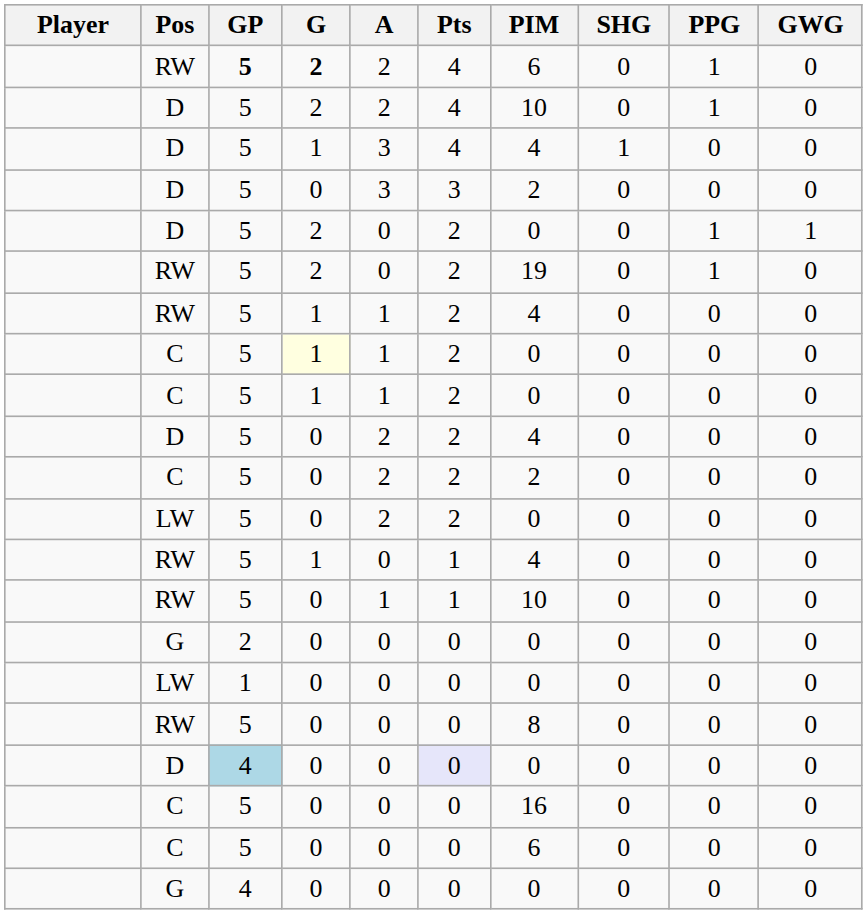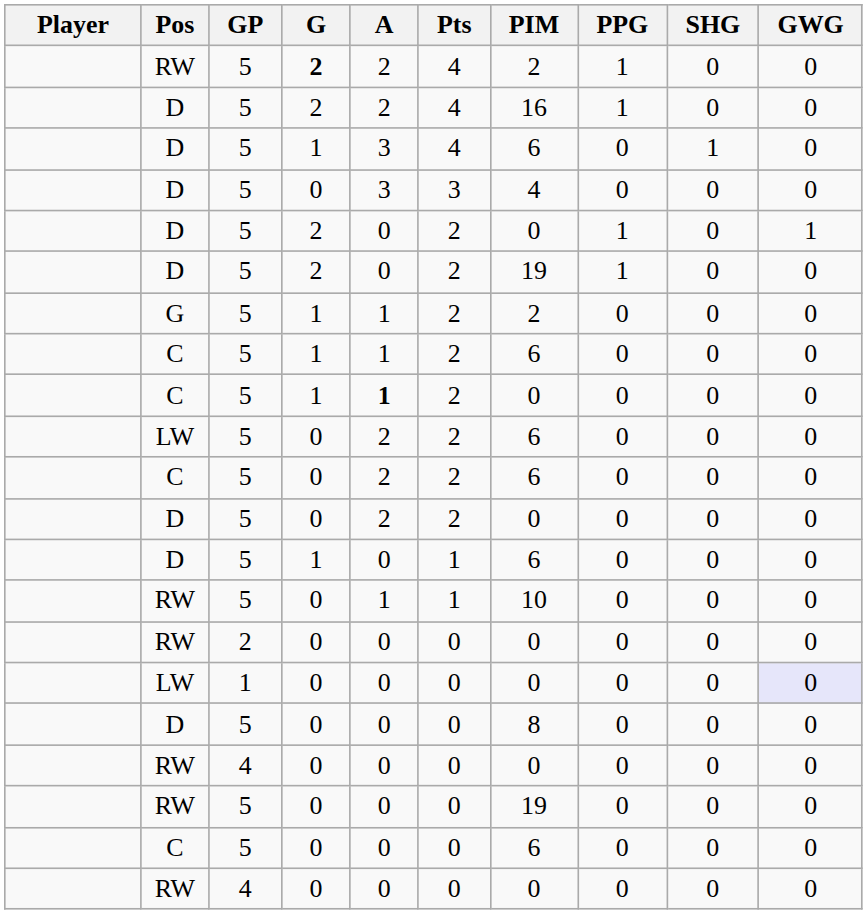 <table class="wikitable sortable" width="60%">
 <tr ALIGN="center">
 <th bgcolor="#DDDDFF" width="10%">Player</th>
 <th bgcolor="#DDDDFF" width="3%" title="Position">Pos</th>
 <th bgcolor="#DDDDFF" width="5%" title="Games played">GP</th>
 <th bgcolor="#DDDDFF" width="5%" title="Goals">G</th>
 <th bgcolor="#DDDDFF" width="5%" title="Assists">A</th>
 <th bgcolor="#DDDDFF" width="5%" title="Points">Pts</th>
 <th bgcolor="#DDDDFF" width="5%" title="Penalties in Minutes">PIM</th>
+<th bgcolor="#DDDDFF" width="5%" title="Power Play Goals">PPG</th>
 <th bgcolor="#DDDDFF" width="5%" title="Short-handed Goals">SHG</th>
-<th bgcolor="#DDDDFF" width="5%" title="Power Play Goals">PPG</th>
 <th bgcolor="#DDDDFF" width="5%" title="Game-winning Goals">GWG</th>
 </tr>
 <tr align="center">
 <td align="right"></td>
 <td>RW</td>
-<td><strong>5</strong></td>
+<td>5</td>
 <td><strong>2</strong></td>
 <td>2</td>
+<td>4</td>
+<td>2</td>
+<td>1</td>
+<td>0</td>
+<td>0</td>
+</tr>
+<tr align="center">
+<td align="right"></td>
+<td>D</td>
+<td>5</td>
+<td>2</td>
+<td>2</td>
+<td>4</td>
+<td>16</td>
+<td>1</td>
+<td>0</td>
+<td>0</td>
+</tr>
+<tr align="center">
+<td align="right"></td>
+<td>D</td>
+<td>5</td>
+<td>1</td>
+<td>3</td>
 <td>4</td>
 <td>6</td>
 <td>0</td>
 <td>1</td>
 <td>0</td>
 </tr>
 <tr align="center">
 <td align="right"></td>
 <td>D</td>
 <td>5</td>
-<td>2</td>
-<td>2</td>
-<td>4</td>
-<td>10</td>
-<td>0</td>
-<td>1</td>
-<td>0</td>
-</tr>
-<tr align="center">
-<td align="right"></td>
-<td>D</td>
-<td>5</td>
-<td>1</td>
-<td>3</td>
-<td>4</td>
-<td>4</td>
-<td>1</td>
-<td>0</td>
-<td>0</td>
-</tr>
-<tr align="center">
-<td align="right"></td>
-<td>D</td>
-<td>5</td>
 <td>0</td>
 <td>3</td>
 <td>3</td>
-<td>2</td>
+<td>4</td>
 <td>0</td>
 <td>0</td>
 <td>0</td>
 </tr>
 <tr align="center">
 <td align="right"></td>
 <td>D</td>
 <td>5</td>
 <td>2</td>
 <td>0</td>
 <td>2</td>
 <td>0</td>
+<td>1</td>
 <td>0</td>
-<td>1</td>
 <td>1</td>
 </tr>
 <tr align="center">
 <td align="right"></td>
-<td>RW</td>
+<td>D</td>
 <td>5</td>
 <td>2</td>
 <td>0</td>
 <td>2</td>
 <td>19</td>
-<td>0</td>
 <td>1</td>
-<td>0</td>
-</tr>
-<tr align="center">
-<td align="right"></td>
-<td>RW</td>
-<td>5</td>
-<td>1</td>
-<td>1</td>
-<td>2</td>
-<td>4</td>
-<td>0</td>
 <td>0</td>
 <td>0</td>
 </tr>
 <tr align="center">
 <td align="right"></td>
-<td>C</td>
+<td>G</td>
 <td>5</td>
-<td style="background: lightyellow;">1</td>
+<td>1</td>
 <td>1</td>
 <td>2</td>
-<td>0</td>
+<td>2</td>
 <td>0</td>
 <td>0</td>
 <td>0</td>
 </tr>
 <tr align="center">
 <td align="right"></td>
 <td>C</td>
 <td>5</td>
 <td>1</td>
 <td>1</td>
 <td>2</td>
+<td>6</td>
 <td>0</td>
+<td>0</td>
+<td>0</td>
+</tr>
+<tr align="center">
+<td align="right"></td>
+<td>C</td>
+<td>5</td>
+<td>1</td>
+<td><strong>1</strong></td>
+<td>2</td>
+<td>0</td>
+<td>0</td>
+<td>0</td>
+<td>0</td>
+</tr>
+<tr align="center">
+<td align="right"></td>
+<td>LW</td>
+<td>5</td>
+<td>0</td>
+<td>2</td>
+<td>2</td>
+<td>6</td>
+<td>0</td>
+<td>0</td>
+<td>0</td>
+</tr>
+<tr align="center">
+<td align="right"></td>
+<td>C</td>
+<td>5</td>
+<td>0</td>
+<td>2</td>
+<td>2</td>
+<td>6</td>
 <td>0</td>
 <td>0</td>
 <td>0</td>
 </tr>
 <tr align="center">
 <td align="right"></td>
 <td>D</td>
 <td>5</td>
 <td>0</td>
 <td>2</td>
 <td>2</td>
-<td>4</td>
-<td>0</td>
-<td>0</td>
-<td>0</td>
-</tr>
-<tr align="center">
-<td align="right"></td>
-<td>C</td>
-<td>5</td>
-<td>0</td>
-<td>2</td>
-<td>2</td>
-<td>2</td>
-<td>0</td>
-<td>0</td>
-<td>0</td>
-</tr>
-<tr align="center">
-<td align="right"></td>
-<td>LW</td>
-<td>5</td>
-<td>0</td>
-<td>2</td>
-<td>2</td>
 <td>0</td>
 <td>0</td>
 <td>0</td>
 <td>0</td>
 </tr>
 <tr align="center">
 <td align="right"></td>
-<td>RW</td>
+<td>D</td>
 <td>5</td>
 <td>1</td>
 <td>0</td>
 <td>1</td>
-<td>4</td>
+<td>6</td>
 <td>0</td>
 <td>0</td>
 <td>0</td>
 </tr>
 <tr align="center">
 <td align="right"></td>
 <td>RW</td>
 <td>5</td>
 <td>0</td>
 <td>1</td>
 <td>1</td>
 <td>10</td>
 <td>0</td>
 <td>0</td>
 <td>0</td>
 </tr>
 <tr align="center">
 <td align="right"></td>
-<td>G</td>
+<td>RW</td>
 <td>2</td>
 <td>0</td>
 <td>0</td>
 <td>0</td>
 <td>0</td>
 <td>0</td>
 <td>0</td>
 <td>0</td>
 </tr>
 <tr align="center">
 <td align="right"></td>
 <td>LW</td>
 <td>1</td>
 <td>0</td>
 <td>0</td>
 <td>0</td>
 <td>0</td>
 <td>0</td>
 <td>0</td>
-<td>0</td>
+<td style="background: lavender;">0</td>
 </tr>
 <tr align="center">
 <td align="right"></td>
-<td>RW</td>
+<td>D</td>
 <td>5</td>
 <td>0</td>
 <td>0</td>
 <td>0</td>
 <td>8</td>
 <td>0</td>
 <td>0</td>
 <td>0</td>
 </tr>
 <tr align="center">
 <td align="right"></td>
-<td>D</td>
-<td style="background: lightblue;">4</td>
+<td>RW</td>
+<td>4</td>
 <td>0</td>
 <td>0</td>
-<td style="background: lavender;">0</td>
+<td>0</td>
 <td>0</td>
 <td>0</td>
 <td>0</td>
 <td>0</td>
 </tr>
 <tr align="center">
 <td align="right"></td>
-<td>C</td>
+<td>RW</td>
 <td>5</td>
 <td>0</td>
 <td>0</td>
 <td>0</td>
-<td>16</td>
+<td>19</td>
 <td>0</td>
 <td>0</td>
 <td>0</td>
 </tr>
 <tr align="center">
 <td align="right"></td>
 <td>C</td>
 <td>5</td>
 <td>0</td>
 <td>0</td>
 <td>0</td>
 <td>6</td>
 <td>0</td>
 <td>0</td>
 <td>0</td>
 </tr>
 <tr align="center">
 <td align="right"></td>
-<td>G</td>
+<td>RW</td>
 <td>4</td>
 <td>0</td>
 <td>0</td>
 <td>0</td>
 <td>0</td>
 <td>0</td>
 <td>0</td>
 <td>0</td>
 </tr>
 </table>
